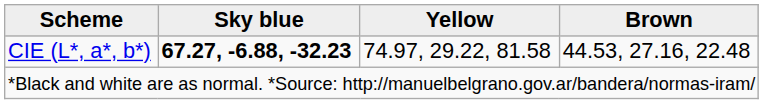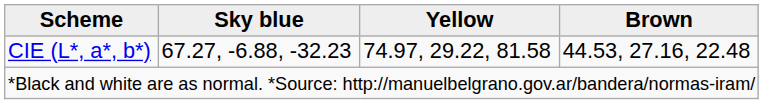 <table width="60%" border="1" cellpadding="2" cellspacing="0" style="background: #f9f9f9; border: 1px solid #aaaaaa; border-collapse: collapse; white-space: nowrap; text-align: left">
 <tr style="text-align: center; background: #eee">
 <th>Scheme</th>
 <th>Sky blue </th>
 <th>Yellow</th>
 <th>Brown</th>
 </tr>
 <tr>
 <td><a href='#'>CIE (L*, a*, b*)</a></td>
-<td><strong>67.27, -6.88, -32.23</strong></td>
+<td>67.27, -6.88, -32.23</td>
 <td>74.97, 29.22, 81.58</td>
 <td>44.53, 27.16, 22.48</td>
 </tr>
 <tr>
 <td colspan ="4"><small>*Black and white are as normal. *Source: http://manuelbelgrano.gov.ar/bandera/normas-iram/</small></td>
 </tr>
 </table>
